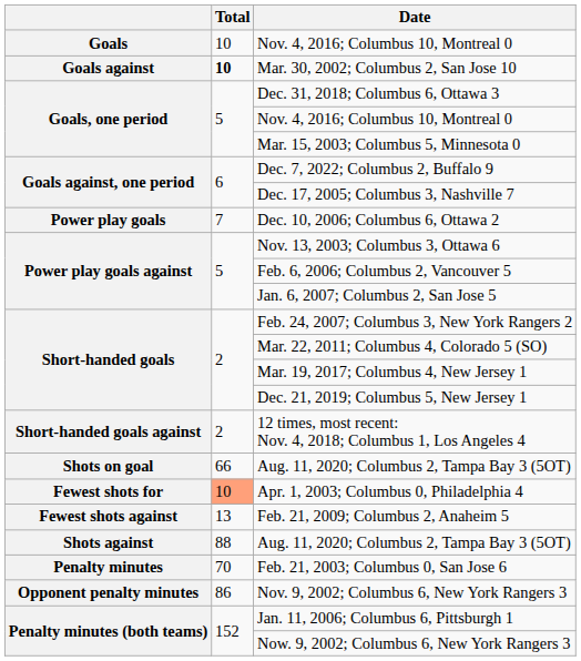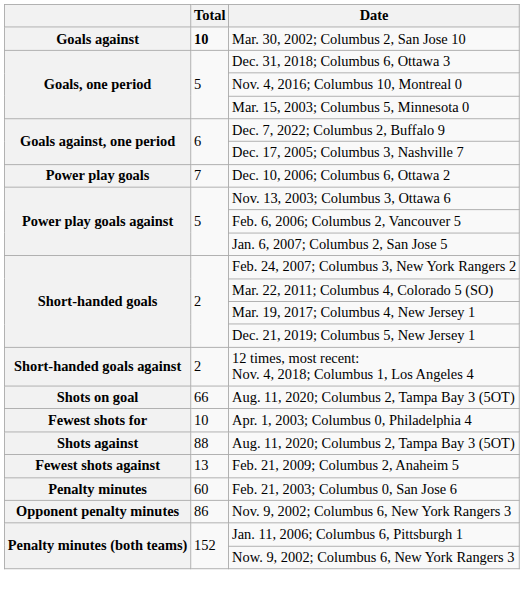 <table class="wikitable">
 <tr>
 <th></th>
 <th>Total</th>
 <th>Date</th>
-</tr>
-<tr>
-<th>Goals</th>
-<td>10</td>
-<td>Nov. 4, 2016; Columbus 10, Montreal 0</td>
 </tr>
 <tr>
 <th>Goals against</th>
 <td><strong>10</strong></td>
 <td>Mar. 30, 2002; Columbus 2, San Jose 10</td>
 </tr>
 <tr>
 <th rowspan="3">Goals, one period</th>
 <td rowspan="3">5</td>
 <td rowspan="1">Dec. 31, 2018; Columbus 6, Ottawa 3</td>
 </tr>
 <tr>
 <td rowspan="1">Nov. 4, 2016; Columbus 10, Montreal 0</td>
 </tr>
 <tr>
 <td rowspan="1">Mar. 15, 2003; Columbus 5, Minnesota 0</td>
 </tr>
 <tr>
 <th rowspan="2”">Goals against, one period</th>
 <td rowspan="2”">6</td>
 <td rowspan="1">Dec. 7, 2022; Columbus 2, Buffalo 9</td>
 </tr>
 <tr>
 <td rowspan="1">Dec. 17, 2005; Columbus 3, Nashville 7</td>
 </tr>
 <tr>
 <th>Power play goals</th>
 <td>7</td>
 <td>Dec. 10, 2006; Columbus 6, Ottawa 2</td>
 </tr>
 <tr>
 <th rowspan="3">Power play goals against</th>
 <td rowspan="3">5</td>
 <td rowspan="1">Nov. 13, 2003; Columbus 3, Ottawa 6</td>
 </tr>
 <tr>
 <td rowspan="1">Feb. 6, 2006; Columbus 2, Vancouver 5</td>
 </tr>
 <tr>
 <td rowspan="1">Jan. 6, 2007; Columbus 2, San Jose 5</td>
 </tr>
 <tr>
 <th rowspan="4">Short-handed goals</th>
 <td rowspan="4">2</td>
 <td rowspan="1">Feb. 24, 2007; Columbus 3, New York Rangers 2</td>
 </tr>
 <tr>
 <td rowspan="1">Mar. 22, 2011; Columbus 4, Colorado 5 (SO)</td>
 </tr>
 <tr>
 <td rowspan="1">Mar. 19, 2017; Columbus 4, New Jersey 1</td>
 </tr>
 <tr>
 <td rowspan="1">Dec. 21, 2019; Columbus 5, New Jersey 1</td>
 </tr>
 <tr>
 <th>Short-handed goals against</th>
 <td>2</td>
 <td>12 times, most recent:<br>Nov. 4, 2018; Columbus 1, Los Angeles 4</td>
 </tr>
 <tr>
 <th>Shots on goal</th>
 <td>66</td>
 <td>Aug. 11, 2020; Columbus 2, Tampa Bay 3 (5OT)</td>
 </tr>
 <tr>
 <th>Fewest shots for</th>
-<td style="background: lightsalmon;">10</td>
+<td>10</td>
 <td>Apr. 1, 2003; Columbus 0, Philadelphia 4</td>
+</tr>
+<tr>
+<th>Shots against</th>
+<td>88</td>
+<td>Aug. 11, 2020; Columbus 2, Tampa Bay 3 (5OT)</td>
 </tr>
 <tr>
 <th>Fewest shots against</th>
 <td>13</td>
 <td>Feb. 21, 2009; Columbus 2, Anaheim 5</td>
 </tr>
 <tr>
-<th>Shots against</th>
-<td>88</td>
-<td>Aug. 11, 2020; Columbus 2, Tampa Bay 3 (5OT)</td>
-</tr>
-<tr>
 <th>Penalty minutes</th>
-<td>70</td>
+<td>60</td>
 <td>Feb. 21, 2003; Columbus 0, San Jose 6</td>
 </tr>
 <tr>
 <th>Opponent penalty minutes</th>
 <td>86</td>
 <td>Nov. 9, 2002; Columbus 6, New York Rangers 3</td>
 </tr>
 <tr>
 <th rowspan="2">Penalty minutes (both teams)</th>
 <td rowspan="2">152</td>
 <td rowspan="1">Jan. 11, 2006; Columbus 6, Pittsburgh 1</td>
 </tr>
 <tr>
 <td rowspan="1">Now. 9, 2002; Columbus 6, New York Rangers 3</td>
 </tr>
 </table>
